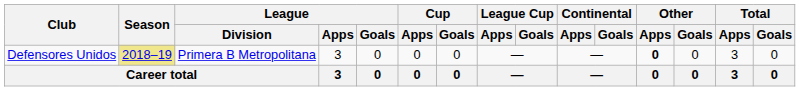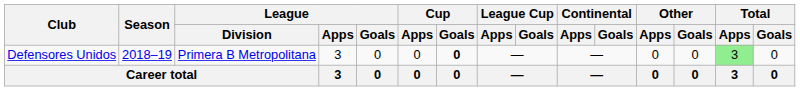 <table class="wikitable" style="text-align:center">
 <tr>
 <th rowspan="2">Club</th>
 <th rowspan="2">Season</th>
 <th colspan="3">League</th>
 <th colspan="2">Cup</th>
 <th colspan="2">League Cup</th>
 <th colspan="2">Continental</th>
 <th colspan="2">Other</th>
 <th colspan="2">Total</th>
 </tr>
 <tr>
 <th>Division</th>
 <th>Apps</th>
 <th>Goals</th>
 <th>Apps</th>
 <th>Goals</th>
 <th>Apps</th>
 <th>Goals</th>
 <th>Apps</th>
 <th>Goals</th>
 <th>Apps</th>
 <th>Goals</th>
 <th>Apps</th>
 <th>Goals</th>
 </tr>
 <tr>
 <td rowspan="1"><a href='#'>Defensores Unidos</a></td>
-<td style="background: khaki;"><a href='#'>2018–19</a></td>
+<td><a href='#'>2018–19</a></td>
 <td rowspan="1"><a href='#'>Primera B Metropolitana</a></td>
 <td>3</td>
 <td>0</td>
 <td>0</td>
-<td>0</td>
+<td><strong>0</strong></td>
 <td colspan="2">—</td>
 <td colspan="2">—</td>
-<td><strong>0</strong></td>
 <td>0</td>
-<td>3</td>
+<td>0</td>
+<td style="background: lightgreen;">3</td>
 <td>0</td>
 </tr>
 <tr>
 <th colspan="3">Career total</th>
 <th>3</th>
 <th>0</th>
 <th>0</th>
 <th>0</th>
 <th colspan="2">—</th>
 <th colspan="2">—</th>
 <th>0</th>
 <th>0</th>
 <th>3</th>
 <th>0</th>
 </tr>
 </table>
